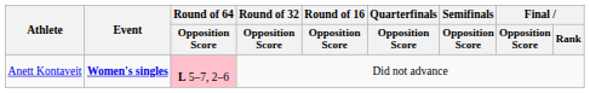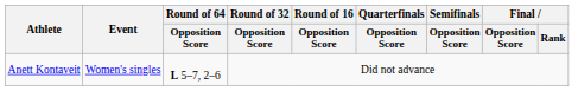 <table class=wikitable style="font-size:90%">
 <tr>
 <th rowspan="2">Athlete</th>
 <th rowspan="2">Event</th>
 <th>Round of 64</th>
 <th>Round of 32</th>
 <th>Round of 16</th>
 <th>Quarterfinals</th>
 <th>Semifinals</th>
 <th colspan=2>Final / </th>
 </tr>
 <tr style="font-size:95%">
 <th>Opposition<br>Score</th>
 <th>Opposition<br>Score</th>
 <th>Opposition<br>Score</th>
 <th>Opposition<br>Score</th>
 <th>Opposition<br>Score</th>
 <th>Opposition<br>Score</th>
 <th>Rank</th>
 </tr>
 <tr align=center>
 <td align=left><a href='#'>Anett Kontaveit</a></td>
-<td align=left><strong><a href='#'>Women's singles</a></strong></td>
-<td style="background: pink;"><br><strong>L</strong> 5–7, 2–6</td>
+<td align=left><a href='#'>Women's singles</a></td>
+<td><br><strong>L</strong> 5–7, 2–6</td>
 <td colspan=6>Did not advance</td>
 </tr>
 </table>
